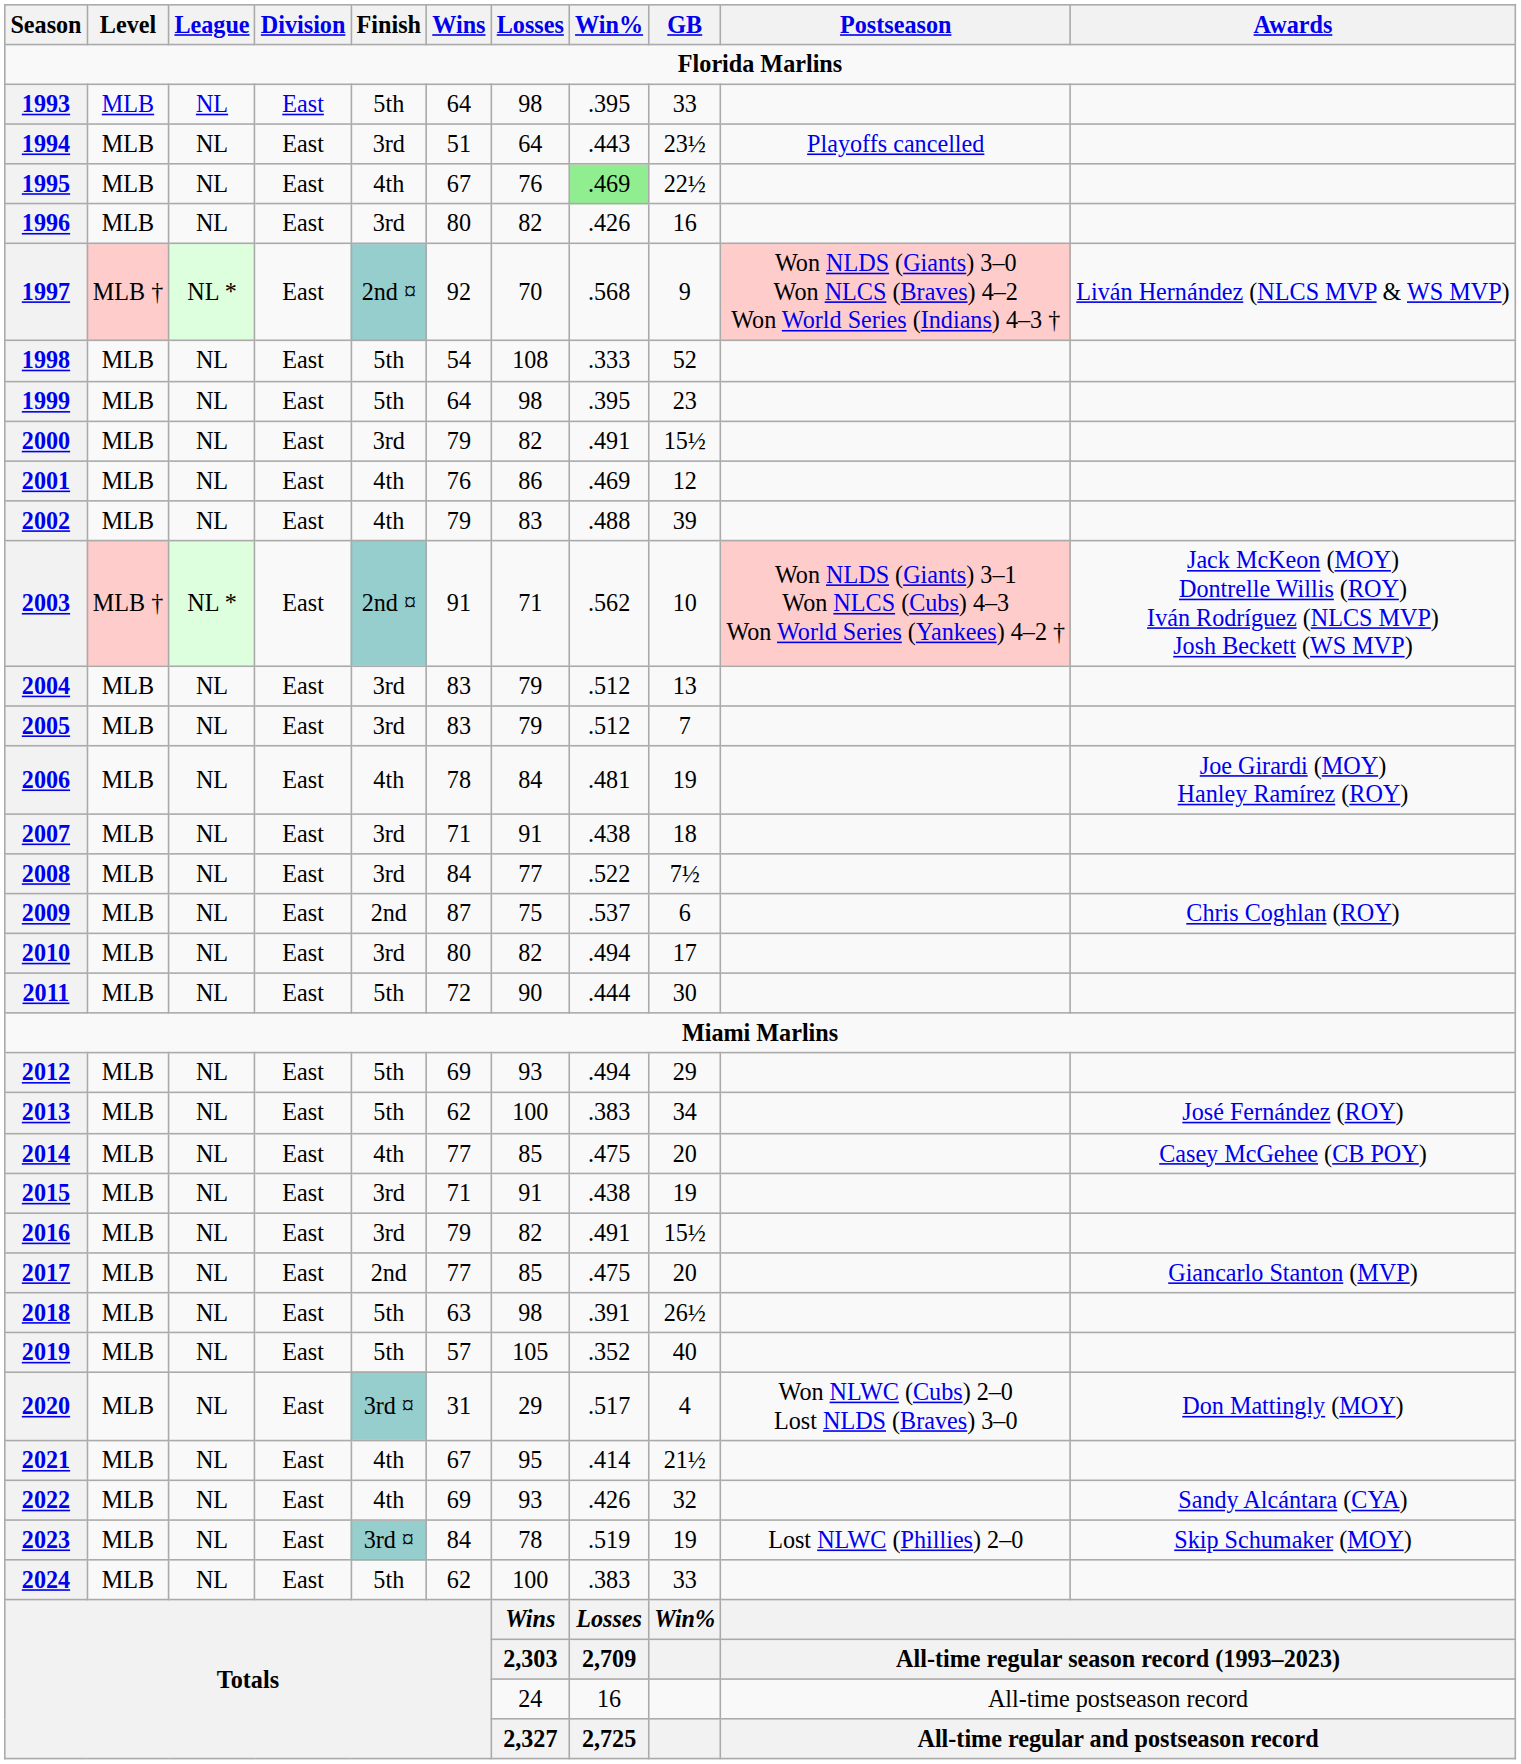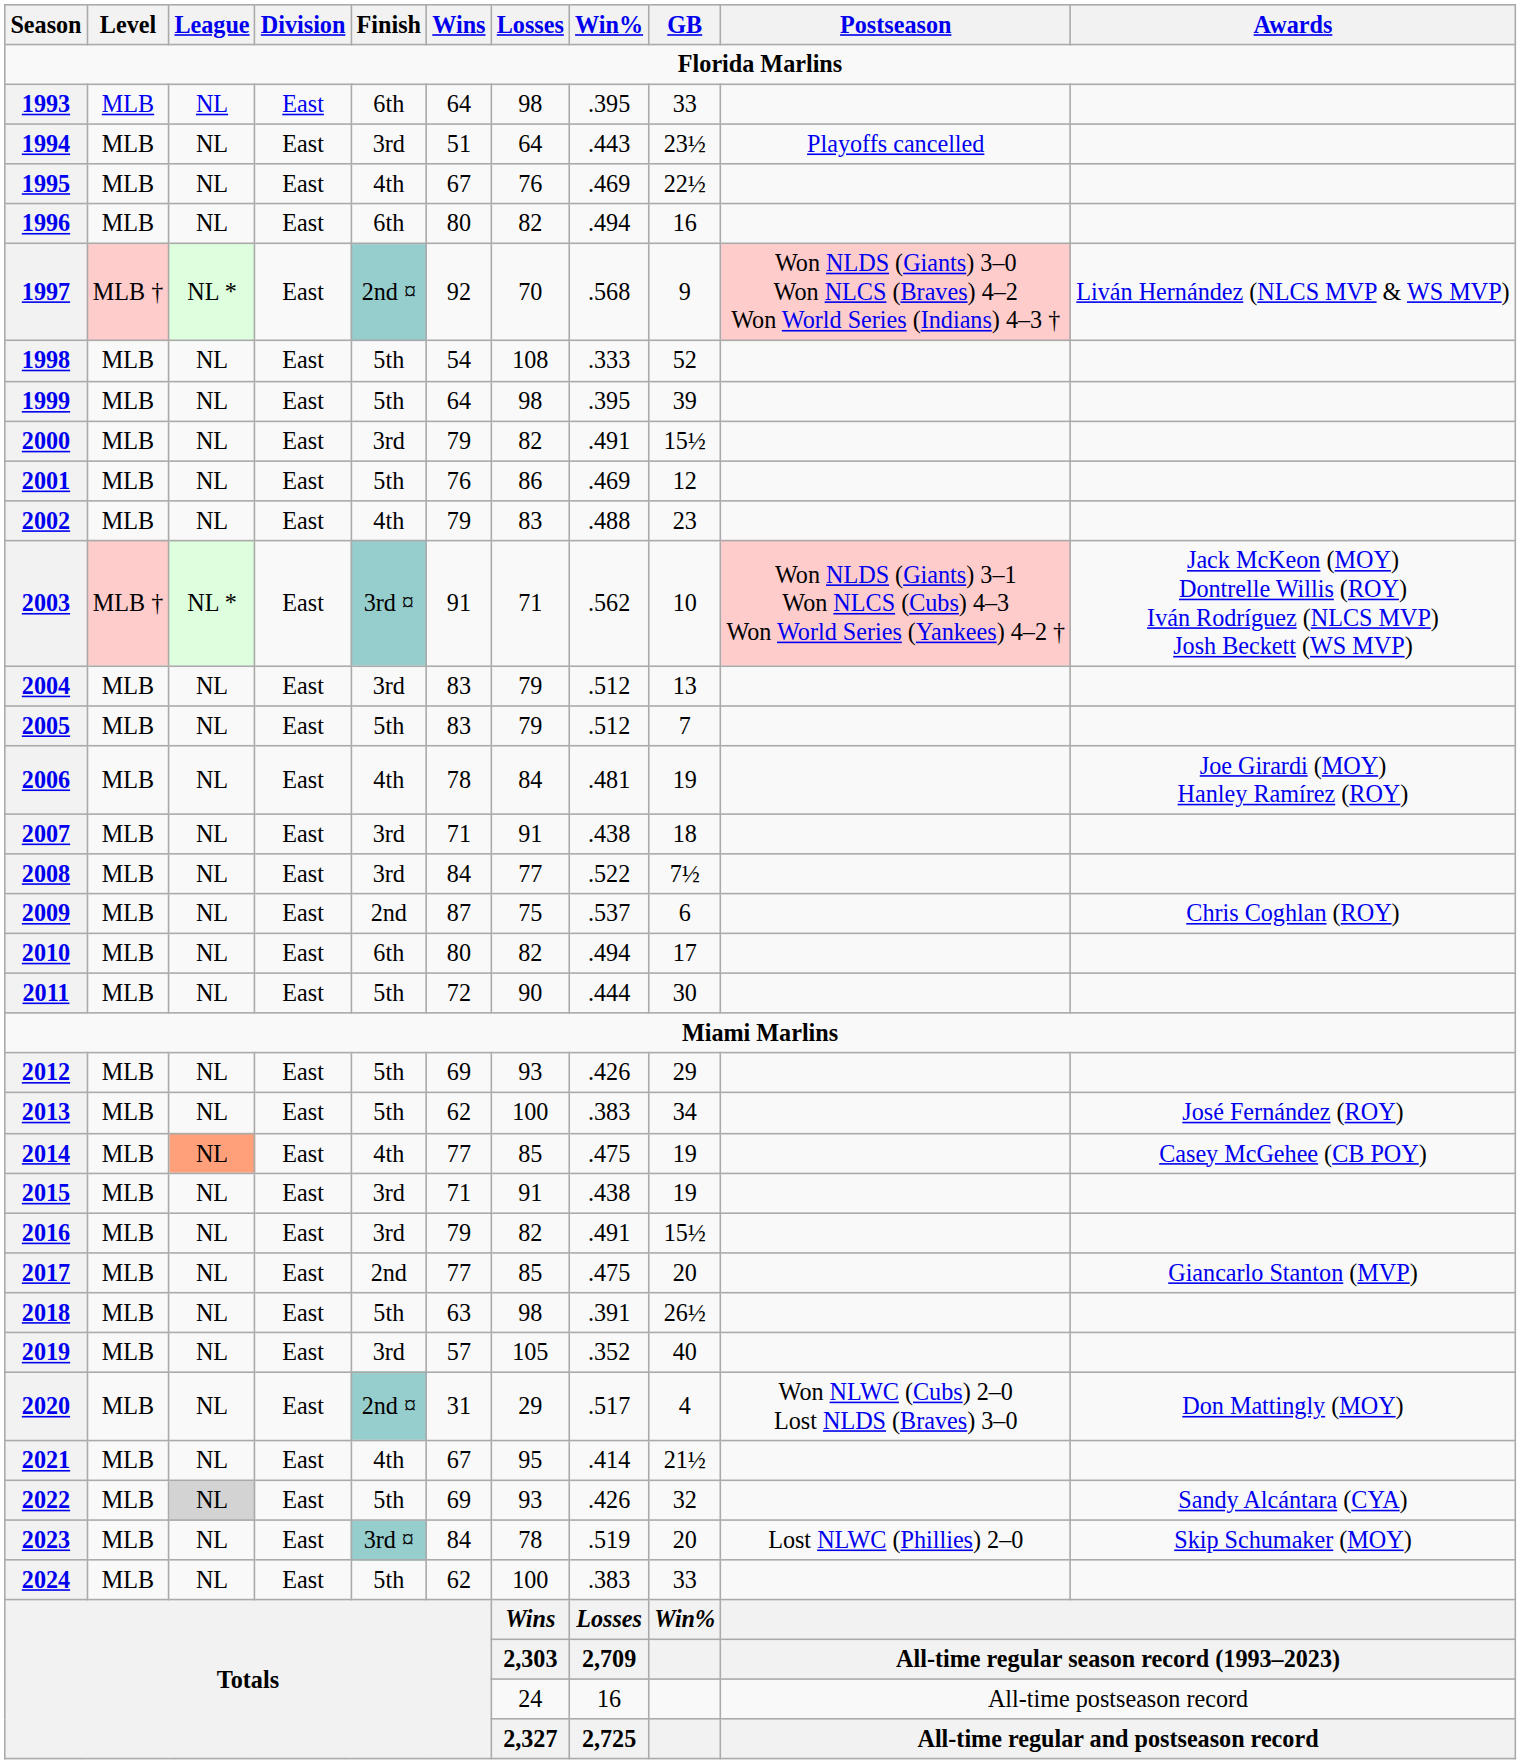 <table class="wikitable plainrowheaders" style="text-align:center; font-size:95%">
 <tr>
 <th scope="col">Season</th>
 <th scope="col">Level</th>
 <th scope="col"><a href='#'>League</a></th>
 <th scope="col"><a href='#'>Division</a></th>
 <th scope="col">Finish</th>
 <th scope="col"><a href='#'>Wins</a></th>
 <th scope="col"><a href='#'>Losses</a></th>
 <th scope="col"><a href='#'>Win%</a></th>
 <th scope="col"><a href='#'>GB</a></th>
 <th scope="col"><a href='#'>Postseason</a></th>
 <th scope="col"><a href='#'>Awards</a></th>
 </tr>
 <tr>
 <td colspan="12" align="center"><strong>Florida Marlins</strong></td>
 </tr>
 <tr>
 <th scope="row" style="text-align:center;"><a href='#'>1993</a></th>
 <td><a href='#'>MLB</a></td>
 <td><a href='#'>NL</a></td>
 <td><a href='#'>East</a></td>
-<td>5th</td>
+<td>6th</td>
 <td>64</td>
 <td>98</td>
 <td>.395</td>
 <td>33</td>
 <td></td>
 <td></td>
 </tr>
 <tr>
 <th scope="row" style="text-align:center;"><a href='#'>1994</a></th>
 <td>MLB</td>
 <td>NL</td>
 <td>East</td>
 <td>3rd</td>
 <td>51</td>
 <td>64</td>
 <td>.443</td>
 <td>23½</td>
 <td><a href='#'>Playoffs cancelled</a></td>
 <td></td>
 </tr>
 <tr>
 <th scope="row" style="text-align:center;"><a href='#'>1995</a></th>
 <td>MLB</td>
 <td>NL</td>
 <td>East</td>
 <td>4th</td>
 <td>67</td>
 <td>76</td>
-<td style="background: lightgreen;">.469</td>
+<td>.469</td>
 <td>22½</td>
 <td></td>
 <td></td>
 </tr>
 <tr>
 <th scope="row" style="text-align:center;"><a href='#'>1996</a></th>
 <td>MLB</td>
 <td>NL</td>
 <td>East</td>
-<td>3rd</td>
+<td>6th</td>
 <td>80</td>
 <td>82</td>
-<td>.426</td>
+<td>.494</td>
 <td>16</td>
 <td></td>
 <td></td>
 </tr>
 <tr>
 <th scope="row" style="text-align:center;"><a href='#'>1997</a></th>
 <td bgcolor="#ffcccc">MLB †</td>
 <td bgcolor="#ddffdd">NL *</td>
 <td>East</td>
 <td bgcolor="#96CDCD">2nd ¤</td>
 <td>92</td>
 <td>70</td>
 <td>.568</td>
 <td>9</td>
 <td bgcolor="#ffcccc">Won <a href='#'>NLDS</a> (<a href='#'>Giants</a>) 3–0<br>Won <a href='#'>NLCS</a> (<a href='#'>Braves</a>) 4–2 <br>Won <a href='#'>World Series</a> (<a href='#'>Indians</a>) 4–3 †</td>
 <td><a href='#'>Liván Hernández</a> (<a href='#'>NLCS MVP</a> & <a href='#'>WS MVP</a>)</td>
 </tr>
 <tr>
 <th scope="row" style="text-align:center;"><a href='#'>1998</a></th>
 <td>MLB</td>
 <td>NL</td>
 <td>East</td>
 <td>5th</td>
 <td>54</td>
 <td>108</td>
 <td>.333</td>
 <td>52</td>
 <td></td>
 <td></td>
 </tr>
 <tr>
 <th scope="row" style="text-align:center;"><a href='#'>1999</a></th>
 <td>MLB</td>
 <td>NL</td>
 <td>East</td>
 <td>5th</td>
 <td>64</td>
 <td>98</td>
 <td>.395</td>
-<td>23</td>
+<td>39</td>
 <td></td>
 <td></td>
 </tr>
 <tr>
 <th scope="row" style="text-align:center;"><a href='#'>2000</a></th>
 <td>MLB</td>
 <td>NL</td>
 <td>East</td>
 <td>3rd</td>
 <td>79</td>
 <td>82</td>
 <td>.491</td>
 <td>15½</td>
 <td></td>
 <td></td>
 </tr>
 <tr>
 <th scope="row" style="text-align:center;"><a href='#'>2001</a></th>
 <td>MLB</td>
 <td>NL</td>
 <td>East</td>
-<td>4th</td>
+<td>5th</td>
 <td>76</td>
 <td>86</td>
 <td>.469</td>
 <td>12</td>
 <td></td>
 <td></td>
 </tr>
 <tr>
 <th scope="row" style="text-align:center;"><a href='#'>2002</a></th>
 <td>MLB</td>
 <td>NL</td>
 <td>East</td>
 <td>4th</td>
 <td>79</td>
 <td>83</td>
 <td>.488</td>
-<td>39</td>
+<td>23</td>
 <td></td>
 <td></td>
 </tr>
 <tr>
 <th scope="row" style="text-align:center;"><a href='#'>2003</a></th>
 <td bgcolor="#ffcccc">MLB †</td>
 <td bgcolor="#ddffdd">NL *</td>
 <td>East</td>
-<td bgcolor="#96CDCD">2nd ¤</td>
+<td bgcolor="#96CDCD">3rd ¤</td>
 <td>91</td>
 <td>71</td>
 <td>.562</td>
 <td>10</td>
 <td bgcolor="#FFCCCC">Won <a href='#'>NLDS</a> (<a href='#'>Giants</a>) 3–1<br>Won <a href='#'>NLCS</a> (<a href='#'>Cubs</a>) 4–3<br>Won <a href='#'>World Series</a> (<a href='#'>Yankees</a>) 4–2 †</td>
 <td><a href='#'>Jack McKeon</a> (<a href='#'>MOY</a>)<br><a href='#'>Dontrelle Willis</a> (<a href='#'>ROY</a>)<br><a href='#'>Iván Rodríguez</a> (<a href='#'>NLCS MVP</a>)<br><a href='#'>Josh Beckett</a> (<a href='#'>WS MVP</a>)</td>
 </tr>
 <tr>
 <th scope="row" style="text-align:center;"><a href='#'>2004</a></th>
 <td>MLB</td>
 <td>NL</td>
 <td>East</td>
 <td>3rd</td>
 <td>83</td>
 <td>79</td>
 <td>.512</td>
 <td>13</td>
 <td></td>
 <td></td>
 </tr>
 <tr>
 <th scope="row" style="text-align:center;"><a href='#'>2005</a></th>
 <td>MLB</td>
 <td>NL</td>
 <td>East</td>
-<td>3rd</td>
+<td>5th</td>
 <td>83</td>
 <td>79</td>
 <td>.512</td>
 <td>7</td>
 <td></td>
 <td></td>
 </tr>
 <tr>
 <th scope="row" style="text-align:center;"><a href='#'>2006</a></th>
 <td>MLB</td>
 <td>NL</td>
 <td>East</td>
 <td>4th</td>
 <td>78</td>
 <td>84</td>
 <td>.481</td>
 <td>19</td>
 <td></td>
 <td><a href='#'>Joe Girardi</a> (<a href='#'>MOY</a>)<br><a href='#'>Hanley Ramírez</a> (<a href='#'>ROY</a>)</td>
 </tr>
 <tr>
 <th scope="row" style="text-align:center;"><a href='#'>2007</a></th>
 <td>MLB</td>
 <td>NL</td>
 <td>East</td>
 <td>3rd</td>
 <td>71</td>
 <td>91</td>
 <td>.438</td>
 <td>18</td>
 <td></td>
 <td></td>
 </tr>
 <tr>
 <th scope="row" style="text-align:center;"><a href='#'>2008</a></th>
 <td>MLB</td>
 <td>NL</td>
 <td>East</td>
 <td>3rd</td>
 <td>84</td>
 <td>77</td>
 <td>.522</td>
 <td>7½</td>
 <td></td>
 <td></td>
 </tr>
 <tr>
 <th scope="row" style="text-align:center;"><a href='#'>2009</a></th>
 <td>MLB</td>
 <td>NL</td>
 <td>East</td>
 <td>2nd</td>
 <td>87</td>
 <td>75</td>
 <td>.537</td>
 <td>6</td>
 <td></td>
 <td><a href='#'>Chris Coghlan</a> (<a href='#'>ROY</a>)</td>
 </tr>
 <tr>
 <th scope="row" style="text-align:center;"><a href='#'>2010</a></th>
 <td>MLB</td>
 <td>NL</td>
 <td>East</td>
-<td>3rd</td>
+<td>6th</td>
 <td>80</td>
 <td>82</td>
 <td>.494</td>
 <td>17</td>
 <td></td>
 <td></td>
 </tr>
 <tr>
 <th scope="row" style="text-align:center;"><a href='#'>2011</a></th>
 <td>MLB</td>
 <td>NL</td>
 <td>East</td>
 <td>5th</td>
 <td>72</td>
 <td>90</td>
 <td>.444</td>
 <td>30</td>
 <td></td>
 <td></td>
 </tr>
 <tr>
 <td colspan="12" align="center"><strong>Miami Marlins</strong></td>
 </tr>
 <tr>
 <th scope="row" style="text-align:center;"><a href='#'>2012</a></th>
 <td>MLB</td>
 <td>NL</td>
 <td>East</td>
 <td>5th</td>
 <td>69</td>
 <td>93</td>
-<td>.494</td>
+<td>.426</td>
 <td>29</td>
 <td></td>
 <td></td>
 </tr>
 <tr>
 <th scope="row" style="text-align:center;"><a href='#'>2013</a></th>
 <td>MLB</td>
 <td>NL</td>
 <td>East</td>
 <td>5th</td>
 <td>62</td>
 <td>100</td>
 <td>.383</td>
 <td>34</td>
 <td></td>
 <td><a href='#'>José Fernández</a> (<a href='#'>ROY</a>)</td>
 </tr>
 <tr>
 <th scope="row" style="text-align:center;"><a href='#'>2014</a></th>
 <td>MLB</td>
-<td>NL</td>
+<td style="background: lightsalmon;">NL</td>
 <td>East</td>
 <td>4th</td>
 <td>77</td>
 <td>85</td>
 <td>.475</td>
-<td>20</td>
+<td>19</td>
 <td></td>
 <td><a href='#'>Casey McGehee</a> (<a href='#'>CB POY</a>)</td>
 </tr>
 <tr>
 <th scope="row" style="text-align:center;"><a href='#'>2015</a></th>
 <td>MLB</td>
 <td>NL</td>
 <td>East</td>
 <td>3rd</td>
 <td>71</td>
 <td>91</td>
 <td>.438</td>
 <td>19</td>
 <td></td>
 <td></td>
 </tr>
 <tr>
 <th scope="row" style="text-align:center;"><a href='#'>2016</a></th>
 <td>MLB</td>
 <td>NL</td>
 <td>East</td>
 <td>3rd</td>
 <td>79</td>
 <td>82</td>
 <td>.491</td>
 <td>15½</td>
 <td></td>
 <td></td>
 </tr>
 <tr>
 <th scope="row" style="text-align:center;"><a href='#'>2017</a></th>
 <td>MLB</td>
 <td>NL</td>
 <td>East</td>
 <td>2nd</td>
 <td>77</td>
 <td>85</td>
 <td>.475</td>
 <td>20</td>
 <td></td>
 <td><a href='#'>Giancarlo Stanton</a> (<a href='#'>MVP</a>)</td>
 </tr>
 <tr>
 <th scope="row" style="text-align:center;"><a href='#'>2018</a></th>
 <td>MLB</td>
 <td>NL</td>
 <td>East</td>
 <td>5th</td>
 <td>63</td>
 <td>98</td>
 <td>.391</td>
 <td>26½</td>
 <td></td>
 <td></td>
 </tr>
 <tr>
 <th scope="row" style="text-align:center;"><a href='#'>2019</a></th>
 <td>MLB</td>
 <td>NL</td>
 <td>East</td>
-<td>5th</td>
+<td>3rd</td>
 <td>57</td>
 <td>105</td>
 <td>.352</td>
 <td>40</td>
 <td></td>
 <td></td>
 </tr>
 <tr>
 <th scope="row" style="text-align:center;"><a href='#'>2020</a></th>
 <td>MLB</td>
 <td>NL</td>
 <td>East</td>
-<td bgcolor="#96CDCD">3rd ¤</td>
+<td bgcolor="#96CDCD">2nd ¤</td>
 <td>31</td>
 <td>29</td>
 <td>.517</td>
 <td>4</td>
 <td>Won <a href='#'>NLWC</a> (<a href='#'>Cubs</a>) 2–0<br> Lost <a href='#'>NLDS</a> (<a href='#'>Braves</a>) 3–0</td>
 <td><a href='#'>Don Mattingly</a> (<a href='#'>MOY</a>)</td>
 </tr>
 <tr>
 <th scope="row" style="text-align:center;"><a href='#'>2021</a></th>
 <td>MLB</td>
 <td>NL</td>
 <td>East</td>
 <td>4th</td>
 <td>67</td>
 <td>95</td>
 <td>.414</td>
 <td>21½</td>
 <td></td>
 <td></td>
 </tr>
 <tr>
 <th scope="row" style="text-align:center;"><a href='#'>2022</a></th>
 <td>MLB</td>
-<td>NL</td>
+<td style="background: lightgrey;">NL</td>
 <td>East</td>
-<td>4th</td>
+<td>5th</td>
 <td>69</td>
 <td>93</td>
 <td>.426</td>
 <td>32</td>
 <td></td>
 <td><a href='#'>Sandy Alcántara</a> (<a href='#'>CYA</a>)</td>
 </tr>
 <tr>
 <th scope="row" style="text-align:center;"><a href='#'>2023</a></th>
 <td>MLB</td>
 <td>NL</td>
 <td>East</td>
 <td bgcolor="#96CDCD">3rd ¤</td>
 <td>84</td>
 <td>78</td>
 <td>.519</td>
-<td>19</td>
+<td>20</td>
 <td>Lost <a href='#'>NLWC</a> (<a href='#'>Phillies</a>) 2–0</td>
 <td><a href='#'>Skip Schumaker</a> (<a href='#'>MOY</a>)</td>
 </tr>
 <tr>
 <th scope="row" style="text-align:center;"><a href='#'>2024</a></th>
 <td>MLB</td>
 <td>NL</td>
 <td>East</td>
 <td>5th</td>
 <td>62</td>
 <td>100</td>
 <td>.383</td>
 <td>33</td>
 <td></td>
 <td></td>
 </tr>
 <tr>
 <th colspan="6" rowspan="4">Totals</th>
 <th><em>Wins</em></th>
 <th><em>Losses</em></th>
 <th><em>Win%</em></th>
 <th colspan="3"></th>
 </tr>
 <tr>
 <th>2,303</th>
 <th>2,709</th>
 <th></th>
 <th colspan="3">All-time regular season record (1993–2023)</th>
 </tr>
 <tr>
 <td>24</td>
 <td>16</td>
 <td></td>
 <td colspan="3">All-time postseason record</td>
 </tr>
 <tr>
 <th>2,327</th>
 <th>2,725</th>
 <th></th>
 <th colspan="3">All-time regular and postseason record</th>
 </tr>
 </table>
